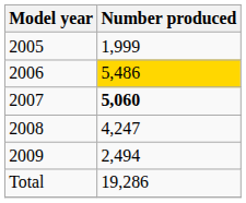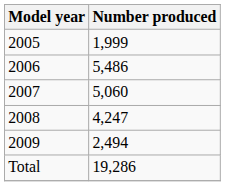 <table class="wikitable" border="1">
 <tr>
 <th>Model year</th>
 <th>Number produced </th>
 </tr>
 <tr>
 <td>2005</td>
 <td>1,999</td>
 </tr>
 <tr>
 <td>2006</td>
-<td style="background: gold;">5,486</td>
+<td>5,486</td>
 </tr>
 <tr>
 <td>2007</td>
-<td><strong>5,060</strong></td>
+<td>5,060</td>
 </tr>
 <tr>
 <td>2008</td>
 <td>4,247</td>
 </tr>
 <tr>
 <td>2009</td>
 <td>2,494</td>
 </tr>
 <tr>
 <td>Total</td>
 <td>19,286</td>
 </tr>
 <tr>
 </tr>
 </table>
